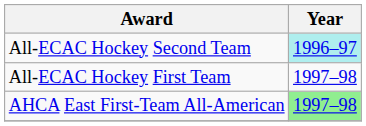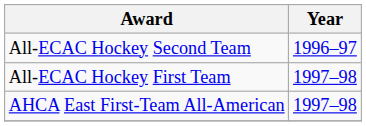 <table class="wikitable">
 <tr>
 <th>Award</th>
 <th>Year</th>
 </tr>
 <tr>
 <td>All-<a href='#'>ECAC Hockey</a> <a href='#'>Second Team</a></td>
-<td style="background: paleturquoise;"><a href='#'>1996–97</a></td>
+<td><a href='#'>1996–97</a></td>
 </tr>
 <tr>
 <td>All-<a href='#'>ECAC Hockey</a> <a href='#'>First Team</a></td>
 <td><a href='#'>1997–98</a></td>
 </tr>
 <tr>
 <td><a href='#'>AHCA</a> <a href='#'>East First-Team All-American</a></td>
-<td style="background: lightgreen;"><a href='#'>1997–98</a></td>
+<td><a href='#'>1997–98</a></td>
 </tr>
 <tr>
 </tr>
 </table>
